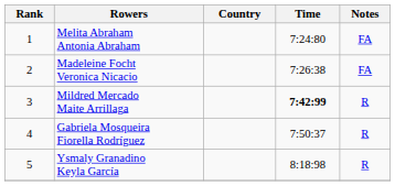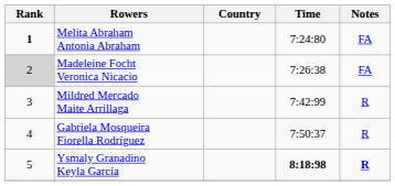 <table class="wikitable" width=60% style="text-align:center">
 <tr>
 <th>Rank</th>
 <th>Rowers</th>
 <th>Country</th>
 <th>Time</th>
 <th>Notes</th>
 </tr>
 <tr>
-<td>1</td>
+<td><strong>1</strong></td>
 <td align=left><a href='#'>Melita Abraham</a><br><a href='#'>Antonia Abraham</a></td>
 <td align=left></td>
 <td>7:24:80</td>
 <td><a href='#'>FA</a></td>
 </tr>
 <tr>
-<td>2</td>
+<td style="background: lightgrey;">2</td>
 <td align=left><a href='#'>Madeleine Focht</a><br><a href='#'>Veronica Nicacio</a></td>
 <td align=left></td>
 <td>7:26:38</td>
 <td><a href='#'>FA</a></td>
 </tr>
 <tr>
 <td>3</td>
 <td align=left><a href='#'>Mildred Mercado</a><br><a href='#'>Maite Arrillaga</a></td>
 <td align=left></td>
-<td><strong>7:42:99</strong></td>
+<td>7:42:99</td>
 <td><a href='#'>R</a></td>
 </tr>
 <tr>
 <td>4</td>
 <td align=left><a href='#'>Gabriela Mosqueira</a><br><a href='#'>Fiorella Rodríguez</a></td>
 <td align=left></td>
 <td>7:50:37</td>
 <td><a href='#'>R</a></td>
 </tr>
 <tr>
 <td>5</td>
 <td align=left><a href='#'>Ysmaly Granadino</a><br><a href='#'>Keyla García</a></td>
 <td align=left></td>
-<td>8:18:98</td>
-<td><a href='#'>R</a></td>
+<td><strong>8:18:98</strong></td>
+<td><strong><a href='#'>R</a></strong></td>
 </tr>
 <tr>
 </tr>
 </table>
